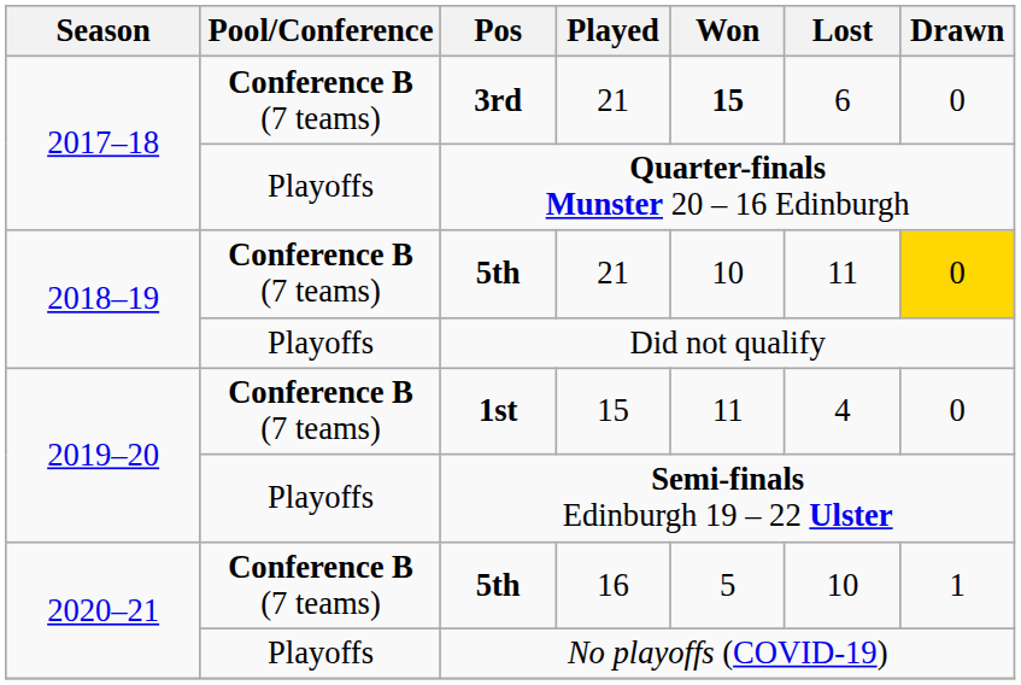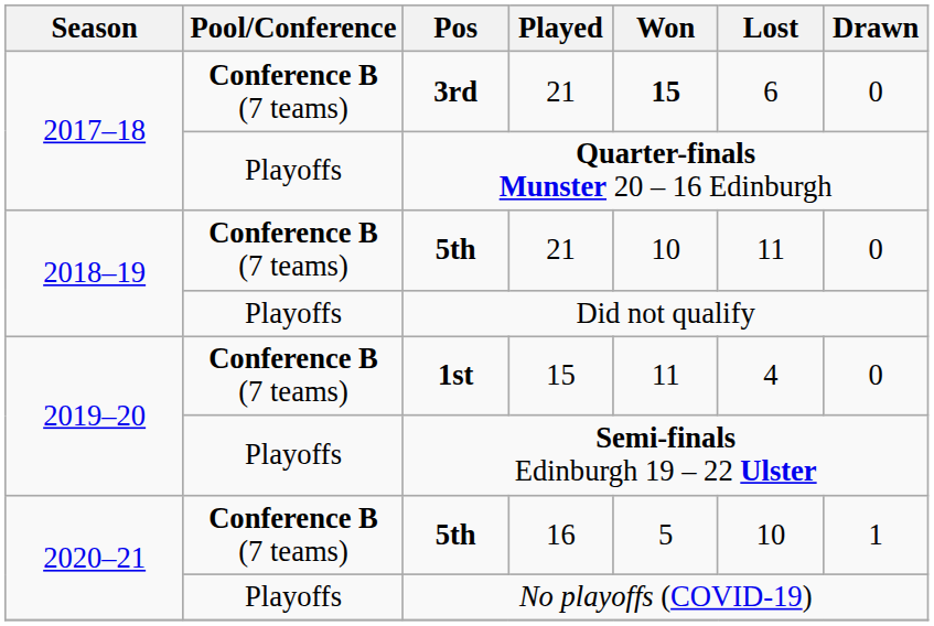 <table class="wikitable" style="text-align:center">
 <tr>
 <th width="90">Season</th>
 <th width="80">Pool/Conference</th>
 <th width="50">Pos</th>
 <th width="50">Played</th>
 <th width="50">Won</th>
 <th width="50">Lost</th>
 <th width="50">Drawn</th>
 </tr>
 <tr>
 <td rowspan="2"><a href='#'>2017–18</a></td>
 <td><strong>Conference B</strong><br>(7 teams)</td>
 <td><strong>3rd</strong></td>
 <td>21</td>
 <td><strong>15</strong></td>
 <td>6</td>
 <td>0</td>
 </tr>
 <tr>
 <td>Playoffs</td>
 <td colspan="8"><strong>Quarter-finals</strong><br> <strong><a href='#'>Munster</a></strong> 20 – 16 Edinburgh</td>
 </tr>
 <tr>
 <td rowspan="2"><a href='#'>2018–19</a></td>
 <td><strong>Conference B</strong><br>(7 teams)</td>
 <td><strong>5th</strong></td>
 <td>21</td>
 <td>10</td>
 <td>11</td>
-<td style="background: gold;">0</td>
+<td>0</td>
 </tr>
 <tr>
 <td>Playoffs</td>
 <td colspan="8">Did not qualify</td>
 </tr>
 <tr>
 <td rowspan="2"><a href='#'>2019–20</a></td>
 <td><strong>Conference B</strong><br>(7 teams)</td>
 <td><strong>1st</strong></td>
 <td>15</td>
 <td>11</td>
 <td>4</td>
 <td>0</td>
 </tr>
 <tr>
 <td>Playoffs</td>
 <td colspan="8"><strong>Semi-finals</strong><br> Edinburgh 19 – 22 <strong><a href='#'>Ulster</a></strong></td>
 </tr>
 <tr>
 <td rowspan="2"><a href='#'>2020–21</a></td>
 <td><strong>Conference B</strong><br>(7 teams)</td>
 <td><strong>5th</strong></td>
 <td>16</td>
 <td>5</td>
 <td>10</td>
 <td>1</td>
 </tr>
 <tr>
 <td>Playoffs</td>
 <td colspan="8"><em>No playoffs</em> (<a href='#'>COVID-19</a>)</td>
 </tr>
 <tr>
 </tr>
 </table>
